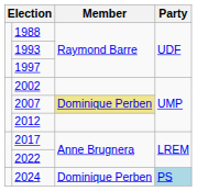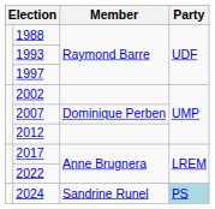 <table class="wikitable">
 <tr>
 <th colspan=2>Election</th>
 <th>Member</th>
 <th>Party</th>
 </tr>
 <tr>
 <td rowspan="3" style="background-color: "></td>
 <td><a href='#'>1988</a></td>
 <td rowspan="3"><a href='#'>Raymond Barre</a></td>
 <td rowspan="3"><a href='#'>UDF</a></td>
 </tr>
 <tr>
 <td><a href='#'>1993</a></td>
 </tr>
 <tr>
 <td><a href='#'>1997</a></td>
 </tr>
 <tr>
 <td rowspan="3" style="background-color: "></td>
 <td><a href='#'>2002</a></td>
 <td></td>
 <td rowspan="3"><a href='#'>UMP</a></td>
 </tr>
 <tr>
 <td><a href='#'>2007</a></td>
-<td style="background: khaki;"><a href='#'>Dominique Perben</a></td>
+<td><a href='#'>Dominique Perben</a></td>
 </tr>
 <tr>
 <td><a href='#'>2012</a></td>
 <td></td>
 </tr>
 <tr>
 <td rowspan="2" style="background-color: "></td>
 <td><a href='#'>2017</a></td>
 <td rowspan="2"><a href='#'>Anne Brugnera</a></td>
 <td rowspan="2"><a href='#'>LREM</a></td>
 </tr>
 <tr>
 <td><a href='#'>2022</a></td>
 </tr>
 <tr>
 <td style="background-color: "></td>
 <td><a href='#'>2024</a></td>
-<td><a href='#'>Dominique Perben</a></td>
+<td><a href='#'>Sandrine Runel</a></td>
 <td style="background: lightblue;"><a href='#'>PS</a></td>
 </tr>
 </table>
